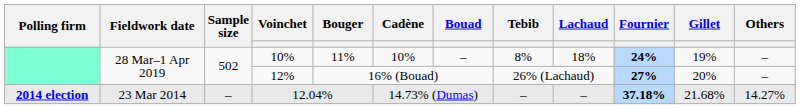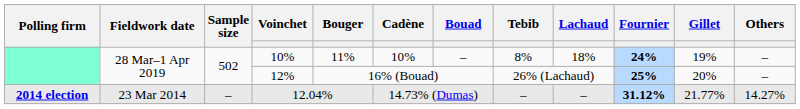 <table class="wikitable sortable" style="text-align:center;font-size:90%;line-height:14px;">
 <tr style="height:40px;">
 <th style="width:100px;" rowspan="2">Polling firm</th>
 <th style="width:110px;" rowspan="2">Fieldwork date</th>
 <th style="width:35px;" rowspan="2">Sample<br>size</th>
 <th class="unsortable" style="width:60px;">Voinchet<br></th>
 <th class="unsortable" style="width:60px;">Bouger<br></th>
 <th class="unsortable" style="width:60px;">Cadène<br></th>
 <th class="unsortable" style="width:60px;"><a href='#'>Bouad</a><br></th>
 <th class="unsortable" style="width:60px;">Tebib<br></th>
 <th class="unsortable" style="width:60px;"><a href='#'>Lachaud</a><br></th>
 <th class="unsortable" style="width:60px;"><a href='#'>Fournier</a><br></th>
 <th class="unsortable" style="width:60px;"><a href='#'>Gillet</a><br></th>
 <th class="unsortable" style="width:60px;">Others</th>
 </tr>
 <tr>
 <th style="background:"></th>
 <th style="background:"></th>
 <th style="background:"></th>
 <th style="background:"></th>
 <th style="background:"></th>
 <th style="background:"></th>
 <th style="background:"></th>
 <th style="background:"></th>
 <th style="background:"></th>
 </tr>
 <tr>
 <td rowspan="2" style="background:aquamarine;"></td>
 <td rowspan="2" data-sort-value="2019-04-01">28 Mar–1 Apr 2019</td>
 <td rowspan="2">502</td>
 <td>10%</td>
 <td>11%</td>
 <td>10%</td>
 <td>–</td>
 <td>8%</td>
 <td>18%</td>
 <td style="background:#B9DAFF;"><strong>24%</strong></td>
 <td>19%</td>
 <td>–</td>
 </tr>
 <tr>
 <td>12%</td>
 <td colspan="3">16% (Bouad)</td>
 <td colspan="2">26% (Lachaud)</td>
-<td style="background:#B9DAFF;"><strong>27%</strong></td>
+<td style="background:#B9DAFF;"><strong>25%</strong></td>
 <td>20%</td>
 <td>–</td>
 </tr>
 <tr style="background:#E9E9E9;">
 <td><strong><a href='#'>2014 election</a></strong></td>
 <td data-sort-value="2014-03-23">23 Mar 2014</td>
 <td>–</td>
 <td colspan="2">12.04%</td>
 <td colspan="2">14.73% (<a href='#'>Dumas</a>)</td>
 <td>–</td>
 <td>–</td>
-<td style="background:#B9DAFF;"><strong>37.18%</strong></td>
-<td>21.68%</td>
+<td style="background:#B9DAFF;"><strong>31.12%</strong></td>
+<td>21.77%</td>
 <td>14.27%</td>
 </tr>
 </table>
